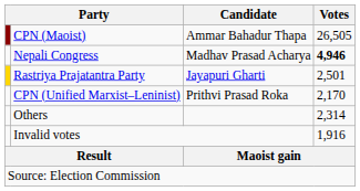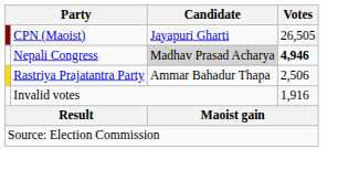 <table class="wikitable">
 <tr>
 <th colspan="2">Party</th>
 <th>Candidate</th>
 <th>Votes</th>
 </tr>
 <tr>
 <td style="background-color:darkred"></td>
 <td><a href='#'>CPN (Maoist)</a></td>
-<td>Ammar Bahadur Thapa</td>
+<td><a href='#'>Jayapuri Gharti</a></td>
 <td>26,505</td>
 </tr>
 <tr>
 <td style="background-color:"></td>
 <td><a href='#'>Nepali Congress</a></td>
-<td>Madhav Prasad Acharya</td>
+<td style="background: lightgrey;">Madhav Prasad Acharya</td>
 <td><strong>4,946</strong></td>
 </tr>
 <tr>
 <td style="background-color:gold"></td>
 <td><a href='#'>Rastriya Prajatantra Party</a></td>
-<td><a href='#'>Jayapuri Gharti</a></td>
-<td>2,501</td>
-</tr>
-<tr>
-<td style="background-color:"></td>
-<td><a href='#'>CPN (Unified Marxist–Leninist)</a></td>
-<td>Prithvi Prasad Roka</td>
-<td>2,170</td>
-</tr>
-<tr>
-<td></td>
-<td>Others</td>
-<td></td>
-<td>2,314</td>
+<td>Ammar Bahadur Thapa</td>
+<td>2,506</td>
 </tr>
 <tr>
 <td></td>
 <td colspan="2">Invalid votes</td>
 <td>1,916</td>
 </tr>
 <tr>
 <th colspan="2">Result</th>
 <th colspan="2">Maoist gain</th>
 </tr>
 <tr>
 <td colspan="4">Source: Election Commission</td>
 </tr>
 </table>
